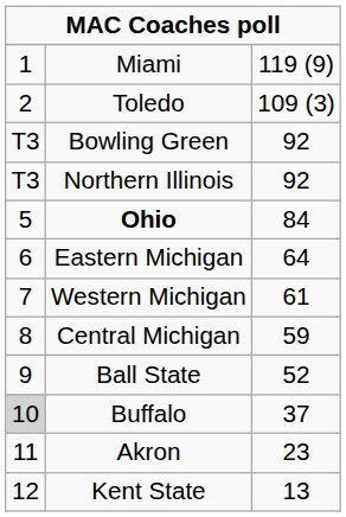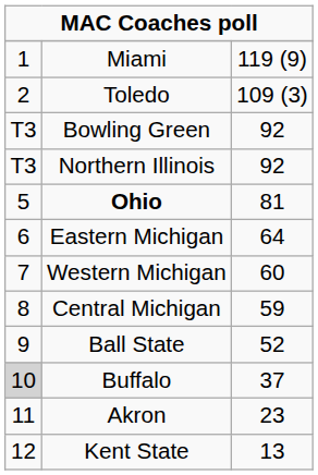 <table class="wikitable" style="display: inline-table;">
 <tr align="center">
 <td align="center" Colspan="3"><strong>MAC Coaches poll</strong></td>
 </tr>
 <tr align="center">
 </tr>
 <tr align="center">
 <td>1</td>
 <td>Miami</td>
 <td>119 (9)</td>
 </tr>
 <tr align="center">
 <td>2</td>
 <td>Toledo</td>
 <td>109 (3)</td>
 </tr>
 <tr align="center">
 <td>T3</td>
 <td>Bowling Green</td>
 <td>92</td>
 </tr>
 <tr align="center">
 <td>T3</td>
 <td>Northern Illinois</td>
 <td>92</td>
 </tr>
 <tr align="center">
 <td>5</td>
 <td><strong>Ohio</strong></td>
-<td>84</td>
+<td>81</td>
 </tr>
 <tr align="center">
 <td>6</td>
 <td>Eastern Michigan</td>
 <td>64</td>
 </tr>
 <tr align="center">
 <td>7</td>
 <td>Western Michigan</td>
-<td>61</td>
+<td>60</td>
 </tr>
 <tr align="center">
 <td>8</td>
 <td>Central Michigan</td>
 <td>59</td>
 </tr>
 <tr align="center">
 <td>9</td>
 <td>Ball State</td>
 <td>52</td>
 </tr>
 <tr align="center">
 <td style="background: lightgrey;">10</td>
 <td>Buffalo</td>
 <td>37</td>
 </tr>
 <tr align="center">
 <td>11</td>
 <td>Akron</td>
 <td>23</td>
 </tr>
 <tr align="center">
 <td>12</td>
 <td>Kent State</td>
 <td>13</td>
 </tr>
 </table>
